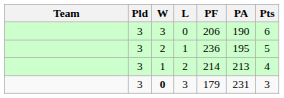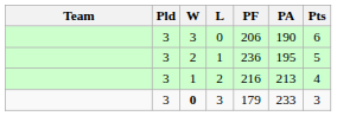 <table class="wikitable" style="text-align:center;">
 <tr>
 <th width=170>Team</th>
 <th width=25>Pld</th>
 <th width=25>W</th>
 <th width=25>L</th>
 <th width=35>PF</th>
 <th width=35>PA</th>
 <th width=25>Pts</th>
 </tr>
 <tr bgcolor=#ccffcc>
 <td align="left"><em></em></td>
 <td>3</td>
 <td>3</td>
 <td>0</td>
 <td>206</td>
 <td>190</td>
 <td>6</td>
 </tr>
 <tr bgcolor=#ccffcc>
 <td align="left"></td>
 <td>3</td>
 <td>2</td>
 <td>1</td>
 <td>236</td>
 <td>195</td>
 <td>5</td>
 </tr>
 <tr bgcolor=#ccffcc>
 <td align="left"></td>
 <td>3</td>
 <td>1</td>
 <td>2</td>
-<td>214</td>
+<td>216</td>
 <td>213</td>
 <td>4</td>
 </tr>
 <tr bgcolor=>
 <td align="left"></td>
 <td>3</td>
 <td><strong>0</strong></td>
 <td>3</td>
 <td>179</td>
-<td>231</td>
+<td>233</td>
 <td>3</td>
 </tr>
 </table>
